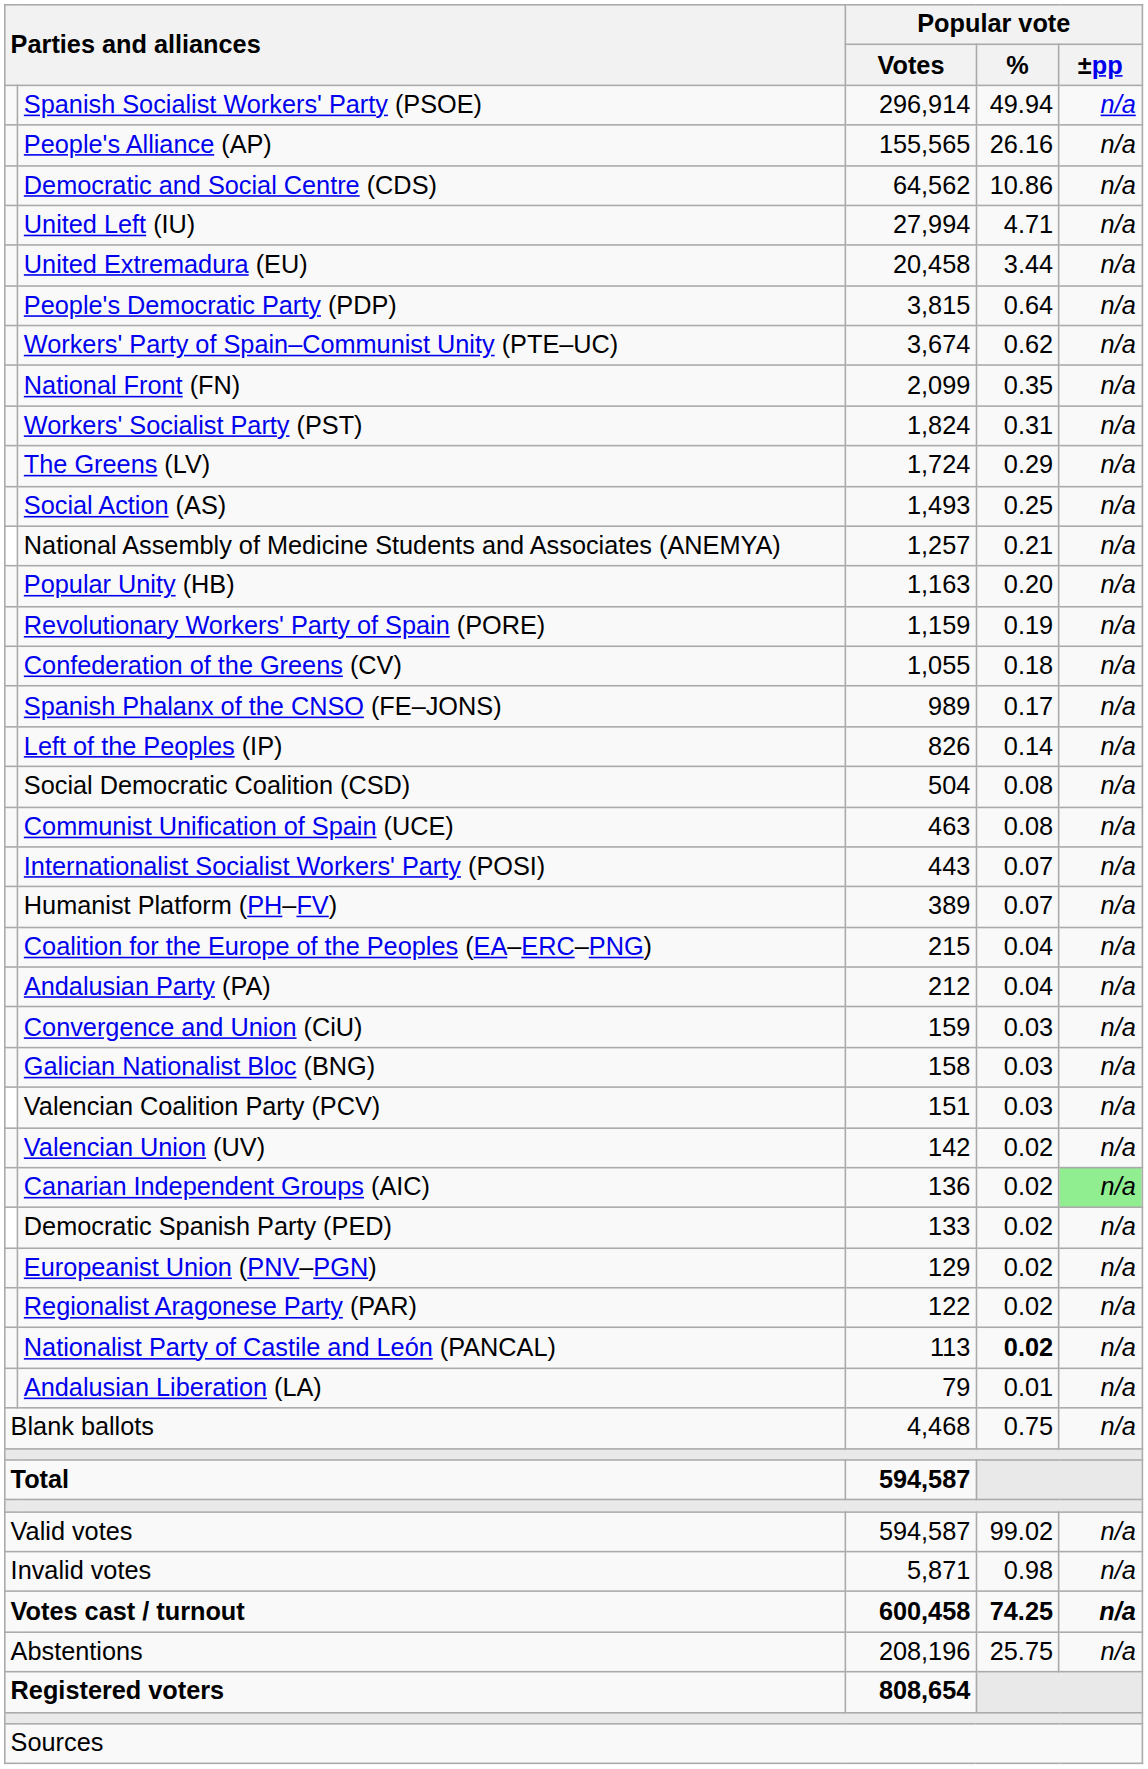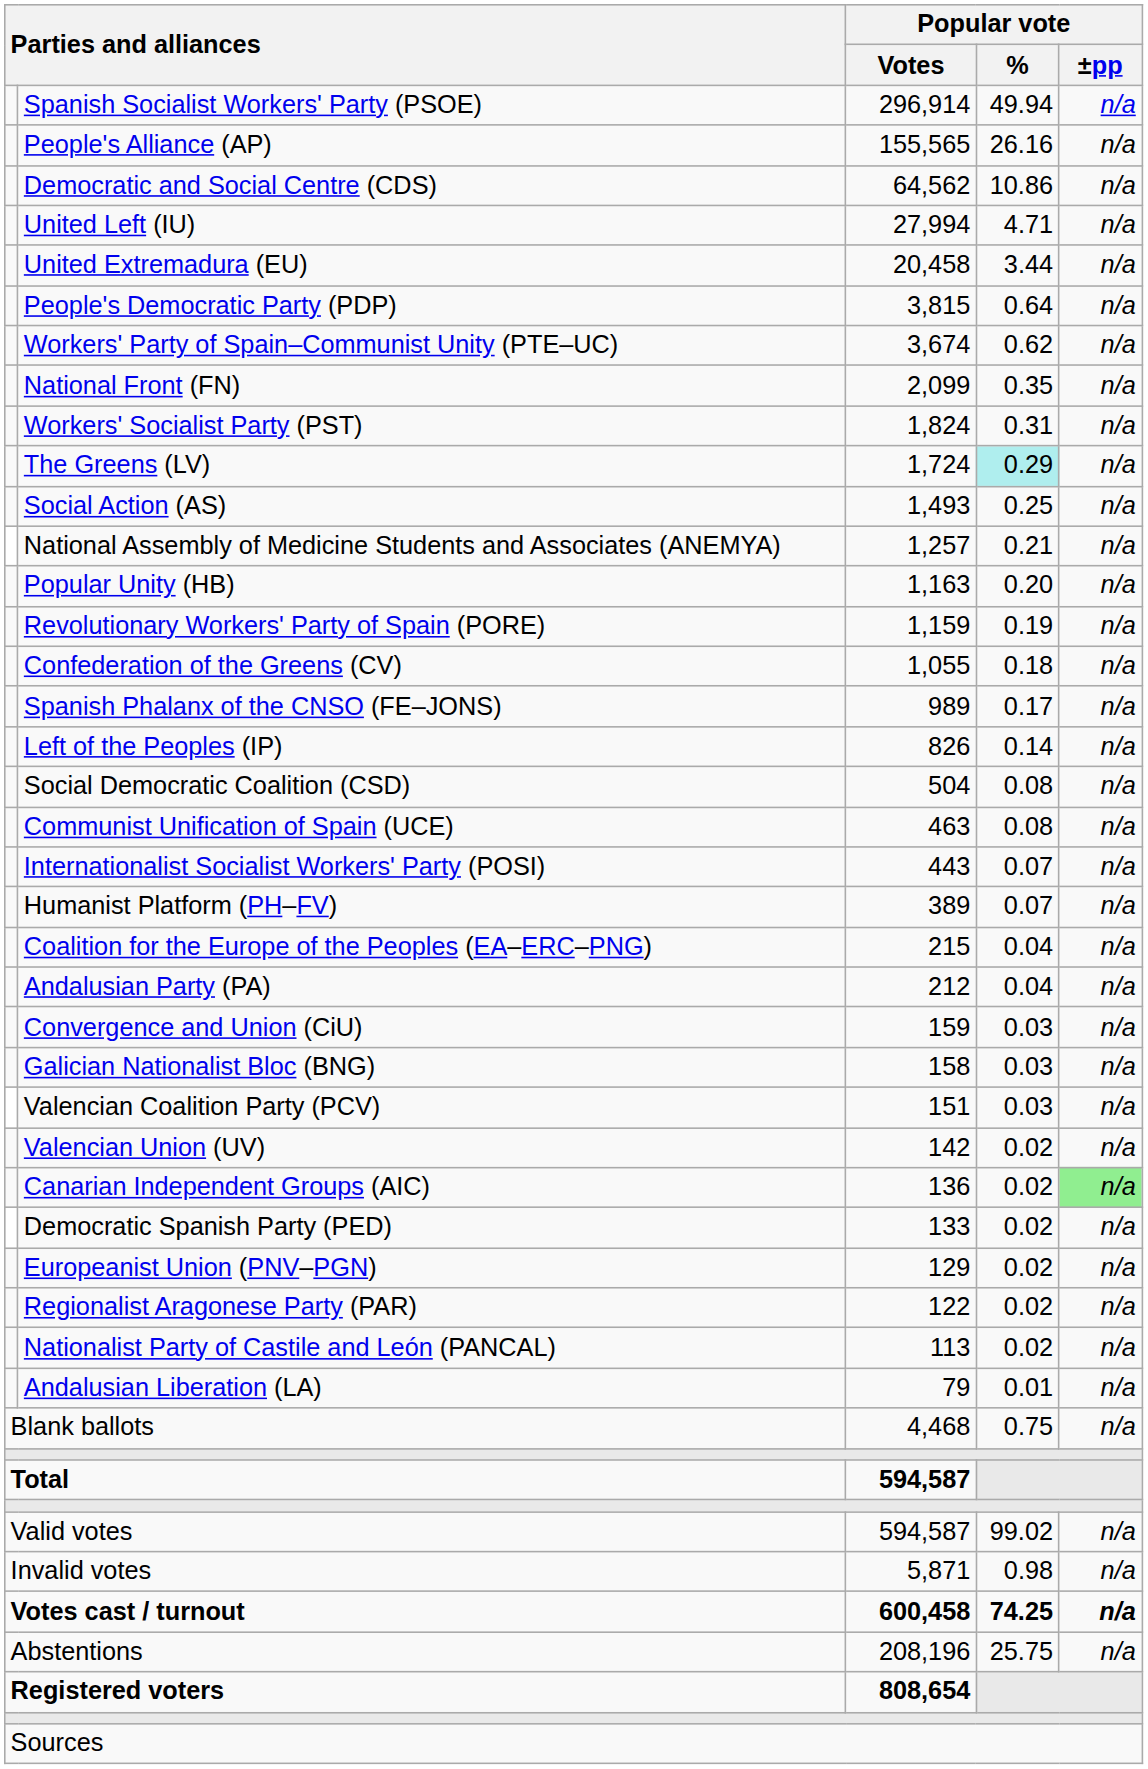 <table class="wikitable" style="text-align:right">
 <tr>
 <th style="text-align:left;" rowspan="2" colspan="2" width="525">Parties and alliances</th>
 <th colspan="3">Popular vote</th>
 </tr>
 <tr>
 <th width="75">Votes</th>
 <th width="45">%</th>
 <th width="45">±<a href='#'>pp</a></th>
 </tr>
 <tr>
 <td width="1" style="color:inherit;background:"></td>
 <td align="left"><a href='#'>Spanish Socialist Workers' Party</a> (PSOE)</td>
 <td>296,914</td>
 <td>49.94</td>
 <td><em><a href='#'>n/a</a></em></td>
 </tr>
 <tr>
 <td style="color:inherit;background:"></td>
 <td align="left"><a href='#'>People's Alliance</a> (AP)</td>
 <td>155,565</td>
 <td>26.16</td>
 <td><em>n/a</em></td>
 </tr>
 <tr>
 <td style="color:inherit;background:"></td>
 <td align="left"><a href='#'>Democratic and Social Centre</a> (CDS)</td>
 <td>64,562</td>
 <td>10.86</td>
 <td><em>n/a</em></td>
 </tr>
 <tr>
 <td style="color:inherit;background:"></td>
 <td align="left"><a href='#'>United Left</a> (IU)</td>
 <td>27,994</td>
 <td>4.71</td>
 <td><em>n/a</em></td>
 </tr>
 <tr>
 <td style="color:inherit;background:"></td>
 <td align="left"><a href='#'>United Extremadura</a> (EU)</td>
 <td>20,458</td>
 <td>3.44</td>
 <td><em>n/a</em></td>
 </tr>
 <tr>
 <td style="color:inherit;background:"></td>
 <td align="left"><a href='#'>People's Democratic Party</a> (PDP)</td>
 <td>3,815</td>
 <td>0.64</td>
 <td><em>n/a</em></td>
 </tr>
 <tr>
 <td style="color:inherit;background:"></td>
 <td align="left"><a href='#'>Workers' Party of Spain–Communist Unity</a> (PTE–UC)</td>
 <td>3,674</td>
 <td>0.62</td>
 <td><em>n/a</em></td>
 </tr>
 <tr>
 <td style="color:inherit;background:"></td>
 <td align="left"><a href='#'>National Front</a> (FN)</td>
 <td>2,099</td>
 <td>0.35</td>
 <td><em>n/a</em></td>
 </tr>
 <tr>
 <td style="color:inherit;background:"></td>
 <td align="left"><a href='#'>Workers' Socialist Party</a> (PST)</td>
 <td>1,824</td>
 <td>0.31</td>
 <td><em>n/a</em></td>
 </tr>
 <tr>
 <td style="color:inherit;background:"></td>
 <td align="left"><a href='#'>The Greens</a> (LV)</td>
 <td>1,724</td>
-<td>0.29</td>
+<td style="background: paleturquoise;">0.29</td>
 <td><em>n/a</em></td>
 </tr>
 <tr>
 <td style="color:inherit;background:"></td>
 <td align="left"><a href='#'>Social Action</a> (AS)</td>
 <td>1,493</td>
 <td>0.25</td>
 <td><em>n/a</em></td>
 </tr>
 <tr>
 <td bgcolor="white"></td>
 <td align="left">National Assembly of Medicine Students and Associates (ANEMYA)</td>
 <td>1,257</td>
 <td>0.21</td>
 <td><em>n/a</em></td>
 </tr>
 <tr>
 <td style="color:inherit;background:"></td>
 <td align="left"><a href='#'>Popular Unity</a> (HB)</td>
 <td>1,163</td>
 <td>0.20</td>
 <td><em>n/a</em></td>
 </tr>
 <tr>
 <td style="color:inherit;background:"></td>
 <td align="left"><a href='#'>Revolutionary Workers' Party of Spain</a> (PORE)</td>
 <td>1,159</td>
 <td>0.19</td>
 <td><em>n/a</em></td>
 </tr>
 <tr>
 <td style="color:inherit;background:"></td>
 <td align="left"><a href='#'>Confederation of the Greens</a> (CV)</td>
 <td>1,055</td>
 <td>0.18</td>
 <td><em>n/a</em></td>
 </tr>
 <tr>
 <td style="color:inherit;background:"></td>
 <td align="left"><a href='#'>Spanish Phalanx of the CNSO</a> (FE–JONS)</td>
 <td>989</td>
 <td>0.17</td>
 <td><em>n/a</em></td>
 </tr>
 <tr>
 <td style="color:inherit;background:"></td>
 <td align="left"><a href='#'>Left of the Peoples</a> (IP)</td>
 <td>826</td>
 <td>0.14</td>
 <td><em>n/a</em></td>
 </tr>
 <tr>
 <td style="color:inherit;background:"></td>
 <td align="left">Social Democratic Coalition (CSD)</td>
 <td>504</td>
 <td>0.08</td>
 <td><em>n/a</em></td>
 </tr>
 <tr>
 <td style="color:inherit;background:"></td>
 <td align="left"><a href='#'>Communist Unification of Spain</a> (UCE)</td>
 <td>463</td>
 <td>0.08</td>
 <td><em>n/a</em></td>
 </tr>
 <tr>
 <td style="color:inherit;background:"></td>
 <td align="left"><a href='#'>Internationalist Socialist Workers' Party</a> (POSI)</td>
 <td>443</td>
 <td>0.07</td>
 <td><em>n/a</em></td>
 </tr>
 <tr>
 <td style="color:inherit;background:"></td>
 <td align="left">Humanist Platform (<a href='#'>PH</a>–<a href='#'>FV</a>)</td>
 <td>389</td>
 <td>0.07</td>
 <td><em>n/a</em></td>
 </tr>
 <tr>
 <td style="color:inherit;background:"></td>
 <td align="left"><a href='#'>Coalition for the Europe of the Peoples</a> (<a href='#'>EA</a>–<a href='#'>ERC</a>–<a href='#'>PNG</a>)</td>
 <td>215</td>
 <td>0.04</td>
 <td><em>n/a</em></td>
 </tr>
 <tr>
 <td style="color:inherit;background:"></td>
 <td align="left"><a href='#'>Andalusian Party</a> (PA)</td>
 <td>212</td>
 <td>0.04</td>
 <td><em>n/a</em></td>
 </tr>
 <tr>
 <td style="color:inherit;background:"></td>
 <td align="left"><a href='#'>Convergence and Union</a> (CiU)</td>
 <td>159</td>
 <td>0.03</td>
 <td><em>n/a</em></td>
 </tr>
 <tr>
 <td style="color:inherit;background:"></td>
 <td align="left"><a href='#'>Galician Nationalist Bloc</a> (BNG)</td>
 <td>158</td>
 <td>0.03</td>
 <td><em>n/a</em></td>
 </tr>
 <tr>
 <td bgcolor="white"></td>
 <td align="left">Valencian Coalition Party (PCV)</td>
 <td>151</td>
 <td>0.03</td>
 <td><em>n/a</em></td>
 </tr>
 <tr>
 <td style="color:inherit;background:"></td>
 <td align="left"><a href='#'>Valencian Union</a> (UV)</td>
 <td>142</td>
 <td>0.02</td>
 <td><em>n/a</em></td>
 </tr>
 <tr>
 <td style="color:inherit;background:"></td>
 <td align="left"><a href='#'>Canarian Independent Groups</a> (AIC)</td>
 <td>136</td>
 <td>0.02</td>
 <td style="background: lightgreen;"><em>n/a</em></td>
 </tr>
 <tr>
 <td bgcolor="white"></td>
 <td align="left">Democratic Spanish Party (PED)</td>
 <td>133</td>
 <td>0.02</td>
 <td><em>n/a</em></td>
 </tr>
 <tr>
 <td style="color:inherit;background:"></td>
 <td align="left"><a href='#'>Europeanist Union</a> (<a href='#'>PNV</a>–<a href='#'>PGN</a>)</td>
 <td>129</td>
 <td>0.02</td>
 <td><em>n/a</em></td>
 </tr>
 <tr>
 <td style="color:inherit;background:"></td>
 <td align="left"><a href='#'>Regionalist Aragonese Party</a> (PAR)</td>
 <td>122</td>
 <td>0.02</td>
 <td><em>n/a</em></td>
 </tr>
 <tr>
 <td style="color:inherit;background:"></td>
 <td align="left"><a href='#'>Nationalist Party of Castile and León</a> (PANCAL)</td>
 <td>113</td>
-<td><strong>0.02</strong></td>
+<td>0.02</td>
 <td><em>n/a</em></td>
 </tr>
 <tr>
 <td style="color:inherit;background:"></td>
 <td align="left"><a href='#'>Andalusian Liberation</a> (LA)</td>
 <td>79</td>
 <td>0.01</td>
 <td><em>n/a</em></td>
 </tr>
 <tr>
 <td align="left" colspan="2">Blank ballots</td>
 <td>4,468</td>
 <td>0.75</td>
 <td><em>n/a</em></td>
 </tr>
 <tr>
 <td colspan="5" bgcolor="#E9E9E9"></td>
 </tr>
 <tr style="font-weight:bold;">
 <td align="left" colspan="2">Total</td>
 <td>594,587</td>
 <td bgcolor="#E9E9E9" colspan="2"></td>
 </tr>
 <tr>
 <td colspan="5" bgcolor="#E9E9E9"></td>
 </tr>
 <tr>
 <td align="left" colspan="2">Valid votes</td>
 <td>594,587</td>
 <td>99.02</td>
 <td><em>n/a</em></td>
 </tr>
 <tr>
 <td align="left" colspan="2">Invalid votes</td>
 <td>5,871</td>
 <td>0.98</td>
 <td><em>n/a</em></td>
 </tr>
 <tr style="font-weight:bold;">
 <td align="left" colspan="2">Votes cast / turnout</td>
 <td>600,458</td>
 <td>74.25</td>
 <td><em>n/a</em></td>
 </tr>
 <tr>
 <td align="left" colspan="2">Abstentions</td>
 <td>208,196</td>
 <td>25.75</td>
 <td><em>n/a</em></td>
 </tr>
 <tr style="font-weight:bold;">
 <td align="left" colspan="2">Registered voters</td>
 <td>808,654</td>
 <td bgcolor="#E9E9E9" colspan="2"></td>
 </tr>
 <tr>
 <td colspan="5" bgcolor="#E9E9E9"></td>
 </tr>
 <tr>
 <td align="left" colspan="5">Sources</td>
 </tr>
 </table>
